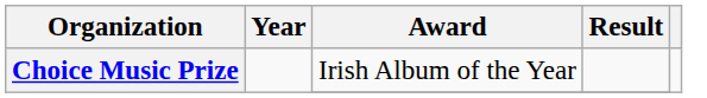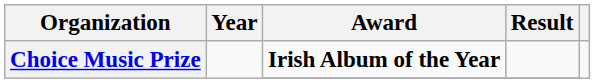 <table class="wikitable sortable plainrowheaders">
 <tr>
 <th scope="col">Organization</th>
 <th scope="col">Year</th>
 <th scope="col">Award</th>
 <th scope="col">Result</th>
 <th scope="col" class="unsortable"></th>
 </tr>
 <tr>
 <th scope="row" rowspan="2"><a href='#'>Choice Music Prize</a></th>
 <td rowspan="2"></td>
-<td>Irish Album of the Year</td>
+<td><strong>Irish Album of the Year</strong></td>
 <td></td>
 <td rowspan="2"></td>
 </tr>
 <tr>
 </tr>
 </table>
